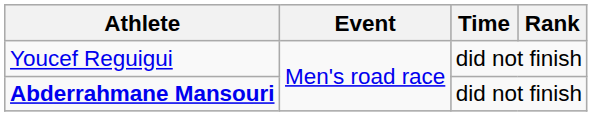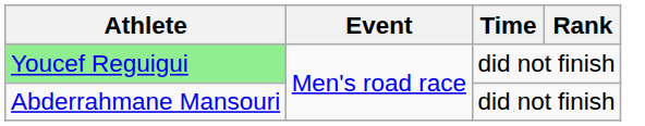 <table class="wikitable" style="font-size:90%">
 <tr>
 <th>Athlete</th>
 <th>Event</th>
 <th>Time</th>
 <th>Rank</th>
 </tr>
 <tr align=center>
-<td align=left><a href='#'>Youcef Reguigui</a></td>
+<td align=left style="background: lightgreen;"><a href='#'>Youcef Reguigui</a></td>
 <td align=left rowspan=2><a href='#'>Men's road race</a></td>
 <td colspan=2>did not finish</td>
 </tr>
 <tr align=center>
-<td align=left><strong><a href='#'>Abderrahmane Mansouri</a></strong></td>
+<td align=left><a href='#'>Abderrahmane Mansouri</a></td>
 <td colspan=2>did not finish</td>
 </tr>
 </table>
